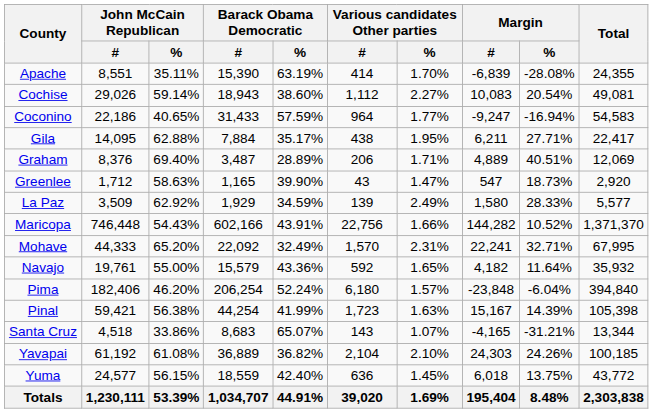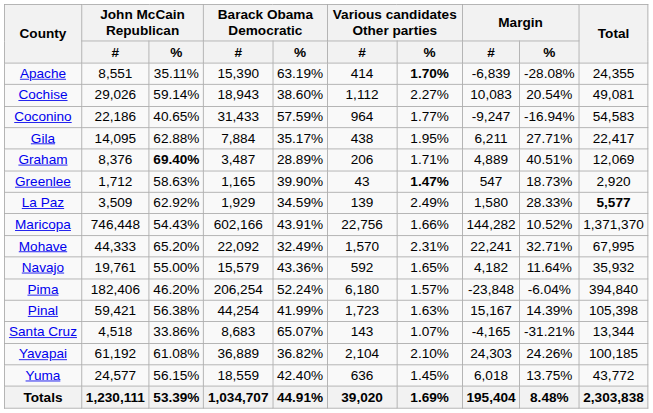 <table width="60%" class="wikitable sortable">
 <tr>
 <th rowspan="2">County</th>
 <th colspan="2">John McCain<br>Republican</th>
 <th colspan="2">Barack Obama<br>Democratic</th>
 <th colspan="2">Various candidates<br>Other parties</th>
 <th colspan="2">Margin</th>
 <th rowspan="2">Total</th>
 </tr>
 <tr>
 <th style="text-align:center;" data-sort-type="number">#</th>
 <th style="text-align:center;" data-sort-type="number">%</th>
 <th style="text-align:center;" data-sort-type="number">#</th>
 <th style="text-align:center;" data-sort-type="number">%</th>
 <th style="text-align:center;" data-sort-type="number">#</th>
 <th style="text-align:center;" data-sort-type="number">%</th>
 <th style="text-align:center;" data-sort-type="number">#</th>
 <th style="text-align:center;" data-sort-type="number">%</th>
 </tr>
 <tr style="text-align:center;">
 <td><a href='#'>Apache</a></td>
 <td>8,551</td>
 <td>35.11%</td>
 <td>15,390</td>
 <td>63.19%</td>
 <td>414</td>
-<td>1.70%</td>
+<td><strong>1.70%</strong></td>
 <td>-6,839</td>
 <td>-28.08%</td>
 <td>24,355</td>
 </tr>
 <tr style="text-align:center;">
 <td><a href='#'>Cochise</a></td>
 <td>29,026</td>
 <td>59.14%</td>
 <td>18,943</td>
 <td>38.60%</td>
 <td>1,112</td>
 <td>2.27%</td>
 <td>10,083</td>
 <td>20.54%</td>
 <td>49,081</td>
 </tr>
 <tr style="text-align:center;">
 <td><a href='#'>Coconino</a></td>
 <td>22,186</td>
 <td>40.65%</td>
 <td>31,433</td>
 <td>57.59%</td>
 <td>964</td>
 <td>1.77%</td>
 <td>-9,247</td>
 <td>-16.94%</td>
 <td>54,583</td>
 </tr>
 <tr style="text-align:center;">
 <td><a href='#'>Gila</a></td>
 <td>14,095</td>
 <td>62.88%</td>
 <td>7,884</td>
 <td>35.17%</td>
 <td>438</td>
 <td>1.95%</td>
 <td>6,211</td>
 <td>27.71%</td>
 <td>22,417</td>
 </tr>
 <tr style="text-align:center;">
 <td><a href='#'>Graham</a></td>
 <td>8,376</td>
-<td>69.40%</td>
+<td><strong>69.40%</strong></td>
 <td>3,487</td>
 <td>28.89%</td>
 <td>206</td>
 <td>1.71%</td>
 <td>4,889</td>
 <td>40.51%</td>
 <td>12,069</td>
 </tr>
 <tr style="text-align:center;">
 <td><a href='#'>Greenlee</a></td>
 <td>1,712</td>
 <td>58.63%</td>
 <td>1,165</td>
 <td>39.90%</td>
 <td>43</td>
-<td>1.47%</td>
+<td><strong>1.47%</strong></td>
 <td>547</td>
 <td>18.73%</td>
 <td>2,920</td>
 </tr>
 <tr style="text-align:center;">
 <td><a href='#'>La Paz</a></td>
 <td>3,509</td>
 <td>62.92%</td>
 <td>1,929</td>
 <td>34.59%</td>
 <td>139</td>
 <td>2.49%</td>
 <td>1,580</td>
 <td>28.33%</td>
-<td>5,577</td>
+<td><strong>5,577</strong></td>
 </tr>
 <tr style="text-align:center;">
 <td><a href='#'>Maricopa</a></td>
 <td>746,448</td>
 <td>54.43%</td>
 <td>602,166</td>
 <td>43.91%</td>
 <td>22,756</td>
 <td>1.66%</td>
 <td>144,282</td>
 <td>10.52%</td>
 <td>1,371,370</td>
 </tr>
 <tr style="text-align:center;">
 <td><a href='#'>Mohave</a></td>
 <td>44,333</td>
 <td>65.20%</td>
 <td>22,092</td>
 <td>32.49%</td>
 <td>1,570</td>
 <td>2.31%</td>
 <td>22,241</td>
 <td>32.71%</td>
 <td>67,995</td>
 </tr>
 <tr style="text-align:center;">
 <td><a href='#'>Navajo</a></td>
 <td>19,761</td>
 <td>55.00%</td>
 <td>15,579</td>
 <td>43.36%</td>
 <td>592</td>
 <td>1.65%</td>
 <td>4,182</td>
 <td>11.64%</td>
 <td>35,932</td>
 </tr>
 <tr style="text-align:center;">
 <td><a href='#'>Pima</a></td>
 <td>182,406</td>
 <td>46.20%</td>
 <td>206,254</td>
 <td>52.24%</td>
 <td>6,180</td>
 <td>1.57%</td>
 <td>-23,848</td>
 <td>-6.04%</td>
 <td>394,840</td>
 </tr>
 <tr style="text-align:center;">
 <td><a href='#'>Pinal</a></td>
 <td>59,421</td>
 <td>56.38%</td>
 <td>44,254</td>
 <td>41.99%</td>
 <td>1,723</td>
 <td>1.63%</td>
 <td>15,167</td>
 <td>14.39%</td>
 <td>105,398</td>
 </tr>
 <tr style="text-align:center;">
 <td><a href='#'>Santa Cruz</a></td>
 <td>4,518</td>
 <td>33.86%</td>
 <td>8,683</td>
 <td>65.07%</td>
 <td>143</td>
 <td>1.07%</td>
 <td>-4,165</td>
 <td>-31.21%</td>
 <td>13,344</td>
 </tr>
 <tr style="text-align:center;">
 <td><a href='#'>Yavapai</a></td>
 <td>61,192</td>
 <td>61.08%</td>
 <td>36,889</td>
 <td>36.82%</td>
 <td>2,104</td>
 <td>2.10%</td>
 <td>24,303</td>
 <td>24.26%</td>
 <td>100,185</td>
 </tr>
 <tr style="text-align:center;">
 <td><a href='#'>Yuma</a></td>
 <td>24,577</td>
 <td>56.15%</td>
 <td>18,559</td>
 <td>42.40%</td>
 <td>636</td>
 <td>1.45%</td>
 <td>6,018</td>
 <td>13.75%</td>
 <td>43,772</td>
 </tr>
 <tr>
 <th>Totals</th>
 <th>1,230,111</th>
 <th>53.39%</th>
 <th>1,034,707</th>
 <th>44.91%</th>
 <th>39,020</th>
 <th>1.69%</th>
 <th>195,404</th>
 <th>8.48%</th>
 <th>2,303,838</th>
 </tr>
 </table>
